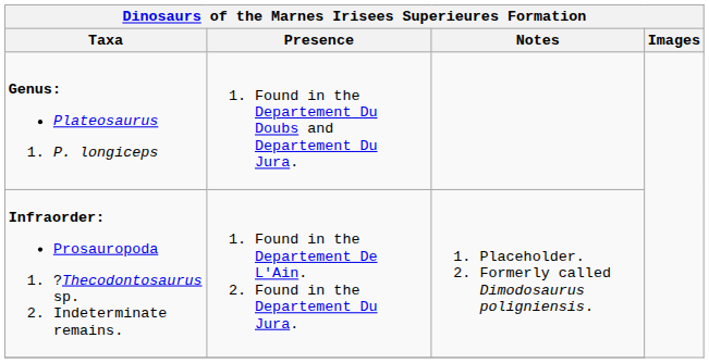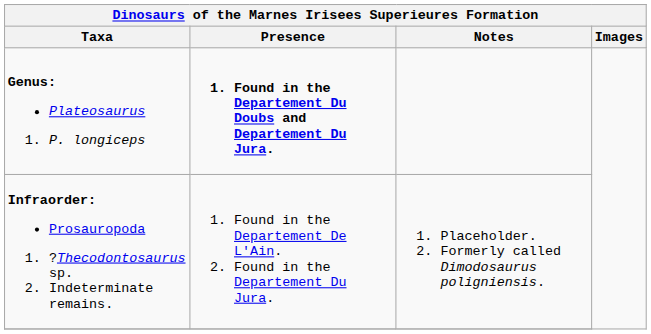 <table class="wikitable" align="center" width="100%">
 <tr>
 <th colspan="5" align="center"><strong><a href='#'>Dinosaurs</a> of the Marnes Irisees Superieures Formation</strong></th>
 </tr>
 <tr>
 <th>Taxa</th>
 <th>Presence</th>
 <th>Notes</th>
 <th>Images</th>
 </tr>
 <tr>
 <td><br><strong>Genus:</strong><ul><li><em><a href='#'>Plateosaurus</a></em></li></ul><ol><li><em>P. longiceps</em></li></ol></td>
-<td><br><ol><li>Found in the <a href='#'>Departement Du Doubs</a> and <a href='#'>Departement Du Jura</a>.</li></ol></td>
+<td><strong><br><ol><li>Found in the <a href='#'>Departement Du Doubs</a> and <a href='#'>Departement Du Jura</a>.</li></ol></strong></td>
 <td></td>
 <td rowspan="99"><br> </td>
 </tr>
 <tr>
 <td><br><strong>Infraorder:</strong><ul><li><a href='#'>Prosauropoda</a></li></ul><ol><li>?<em><a href='#'>Thecodontosaurus</a></em> sp.</li><li>Indeterminate remains.</li></ol></td>
 <td><br><ol><li>Found in the <a href='#'>Departement De L'Ain</a>.</li><li>Found in the <a href='#'>Departement Du Jura</a>.</li></ol></td>
 <td><br><ol><li>Placeholder.</li><li>Formerly called <em>Dimodosaurus poligniensis</em>.</li></ol></td>
 </tr>
 <tr>
 </tr>
 </table>
